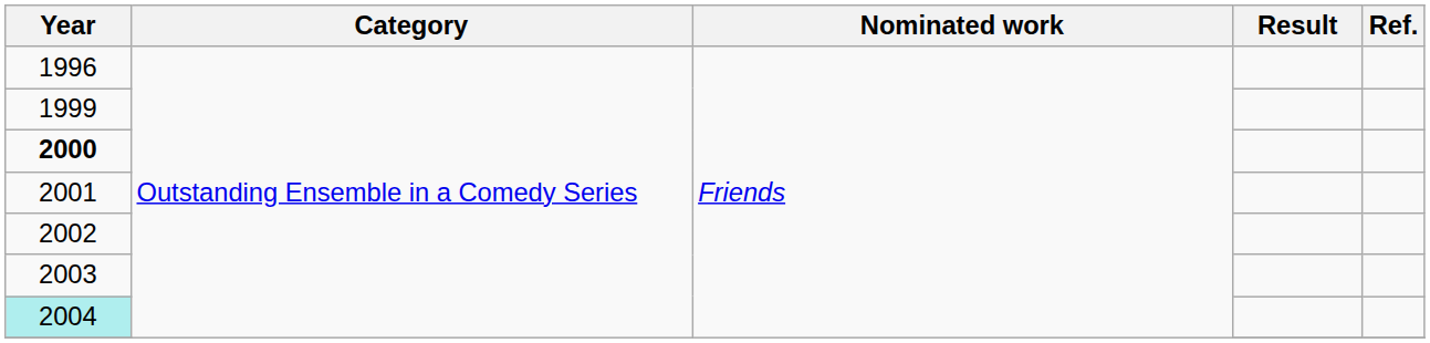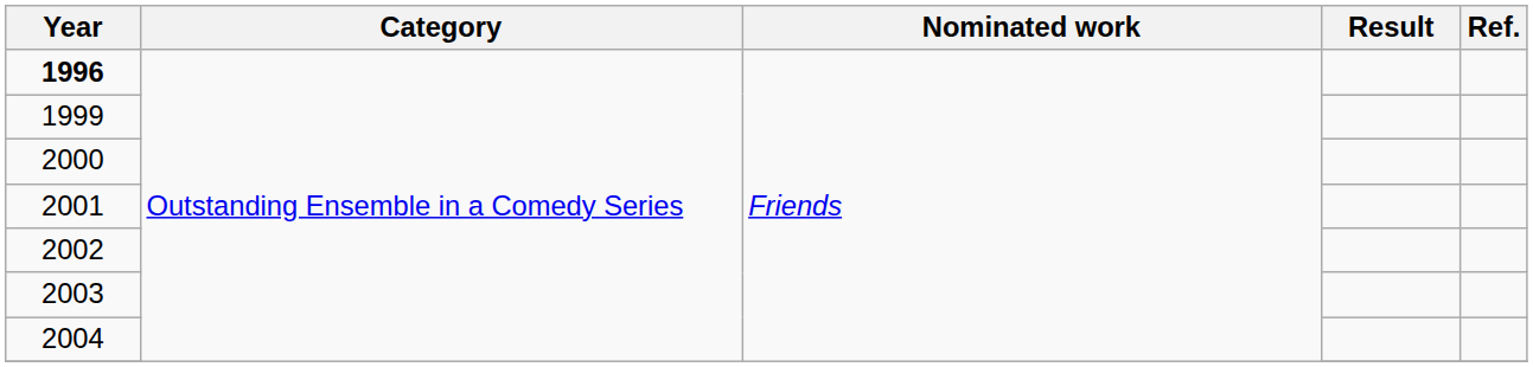 <table class=wikitable>
 <tr>
 <th scope="col" style="width:5em;">Year</th>
 <th scope="col" style="width:26em;">Category</th>
 <th scope="col" style="width:25em;">Nominated work</th>
 <th scope="col" style="width:5em;">Result</th>
 <th>Ref.</th>
 </tr>
 <tr>
-<td style="text-align:center;">1996</td>
+<td style="text-align:center;"><strong>1996</strong></td>
 <td rowspan=8><a href='#'>Outstanding Ensemble in a Comedy Series</a></td>
 <td rowspan=8><em><a href='#'>Friends</a></em></td>
 <td></td>
 <td></td>
 </tr>
 <tr>
 <td style="text-align:center;">1999</td>
 <td></td>
 <td></td>
 </tr>
 <tr>
-<td style="text-align:center;"><strong>2000</strong></td>
+<td style="text-align:center;">2000</td>
 <td></td>
 <td></td>
 </tr>
 <tr>
 <td style="text-align:center;">2001</td>
 <td></td>
 <td></td>
 </tr>
 <tr>
 <td style="text-align:center;">2002</td>
 <td></td>
 <td></td>
 </tr>
 <tr>
 <td style="text-align:center;">2003</td>
 <td></td>
 <td></td>
 </tr>
 <tr>
-<td style="background: paleturquoise; text-align:center;">2004</td>
+<td style="text-align:center;">2004</td>
 <td></td>
 <td></td>
 </tr>
 <tr>
 </tr>
 </table>
